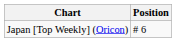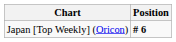 <table class="wikitable">
 <tr>
 <th>Chart</th>
 <th>Position</th>
 </tr>
 <tr>
 <td>Japan [Top Weekly] (<a href='#'>Oricon</a>)</td>
-<td># 6</td>
+<td><strong># 6</strong></td>
 </tr>
 </table>
